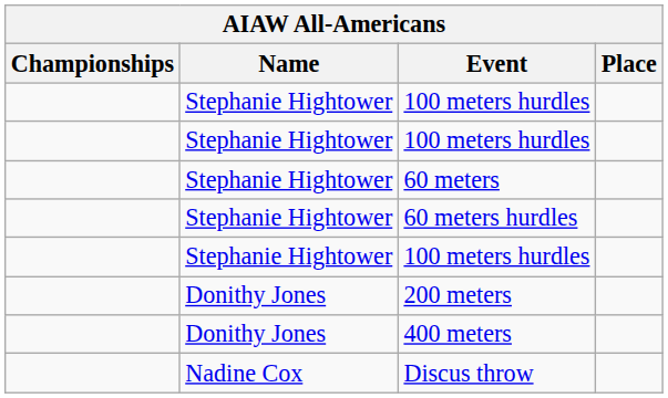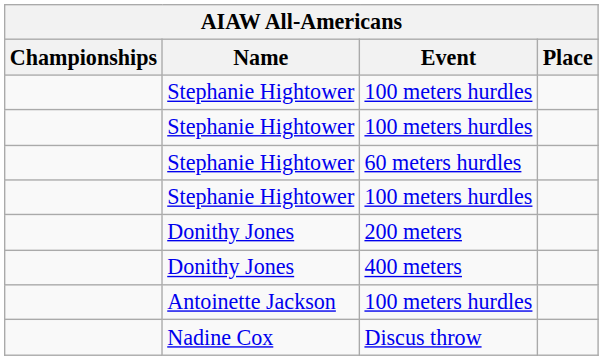 <table class="wikitable sortable">
 <tr>
 <th colspan="4">AIAW All-Americans</th>
 </tr>
 <tr>
 <th scope="col">Championships</th>
 <th scope="col">Name</th>
 <th scope="col">Event</th>
 <th scope="col">Place</th>
 </tr>
 <tr>
 <td></td>
 <td><a href='#'>Stephanie Hightower</a></td>
 <td><a href='#'>100 meters hurdles</a></td>
 <td></td>
 </tr>
 <tr>
 <td></td>
 <td><a href='#'>Stephanie Hightower</a></td>
 <td><a href='#'>100 meters hurdles</a></td>
-<td></td>
-</tr>
-<tr>
-<td></td>
-<td><a href='#'>Stephanie Hightower</a></td>
-<td><a href='#'>60 meters</a></td>
 <td></td>
 </tr>
 <tr>
 <td></td>
 <td><a href='#'>Stephanie Hightower</a></td>
 <td><a href='#'>60 meters hurdles</a></td>
 <td></td>
 </tr>
 <tr>
 <td></td>
 <td><a href='#'>Stephanie Hightower</a></td>
 <td><a href='#'>100 meters hurdles</a></td>
 <td></td>
 </tr>
 <tr>
 <td></td>
 <td><a href='#'>Donithy Jones</a></td>
 <td><a href='#'>200 meters</a></td>
 <td></td>
 </tr>
 <tr>
 <td></td>
 <td><a href='#'>Donithy Jones</a></td>
 <td><a href='#'>400 meters</a></td>
 <td></td>
 </tr>
 <tr>
 <td></td>
+<td><a href='#'>Antoinette Jackson</a></td>
+<td><a href='#'>100 meters hurdles</a></td>
+<td></td>
+</tr>
+<tr>
+<td></td>
 <td><a href='#'>Nadine Cox</a></td>
 <td><a href='#'>Discus throw</a></td>
 <td></td>
 </tr>
 </table>
